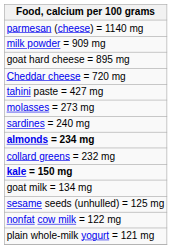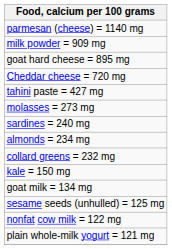 <table class="wikitable">
 <tr>
 <th>Food, calcium per 100 grams</th>
 </tr>
 <tr>
 <td><a href='#'>parmesan</a> (<a href='#'>cheese</a>) = 1140 mg</td>
 </tr>
 <tr>
 <td><a href='#'>milk powder</a> = 909 mg</td>
 </tr>
 <tr>
 <td>goat hard cheese = 895 mg</td>
 </tr>
 <tr>
 <td><a href='#'>Cheddar cheese</a> = 720 mg</td>
 </tr>
 <tr>
 <td><a href='#'>tahini</a> paste = 427 mg</td>
 </tr>
 <tr>
 <td><a href='#'>molasses</a> = 273 mg</td>
 </tr>
 <tr>
 <td><a href='#'>sardines</a> = 240 mg</td>
 </tr>
 <tr>
-<td><strong><a href='#'>almonds</a> = 234 mg</strong></td>
+<td><a href='#'>almonds</a> = 234 mg</td>
 </tr>
 <tr>
 <td><a href='#'>collard greens</a> = 232 mg</td>
 </tr>
 <tr>
-<td><strong><a href='#'>kale</a> = 150 mg</strong></td>
+<td><a href='#'>kale</a> = 150 mg</td>
 </tr>
 <tr>
 <td>goat milk = 134 mg</td>
 </tr>
 <tr>
 <td><a href='#'>sesame</a> seeds (unhulled) = 125 mg</td>
 </tr>
 <tr>
 <td><a href='#'>nonfat</a> <a href='#'>cow milk</a> = 122 mg</td>
 </tr>
 <tr>
 <td>plain whole-milk <a href='#'>yogurt</a> = 121 mg</td>
 </tr>
 <tr>
 </tr>
 </table>
